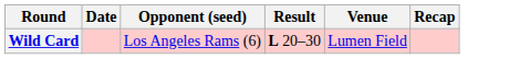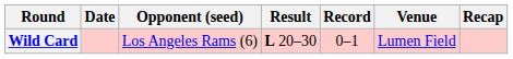 <table class="wikitable" style="text-align:center">
 <tr>
 <th>Round</th>
 <th>Date</th>
 <th>Opponent (seed)</th>
 <th>Result</th>
+<th>Record</th>
 <th>Venue</th>
 <th>Recap</th>
 </tr>
 <tr style="background:#fcc">
 <th><a href='#'>Wild Card</a></th>
 <td></td>
 <td><a href='#'>Los Angeles Rams</a> (6)</td>
 <td><strong>L</strong> 20–30</td>
+<td>0–1</td>
 <td><a href='#'>Lumen Field</a></td>
 <td></td>
 </tr>
 </table>
